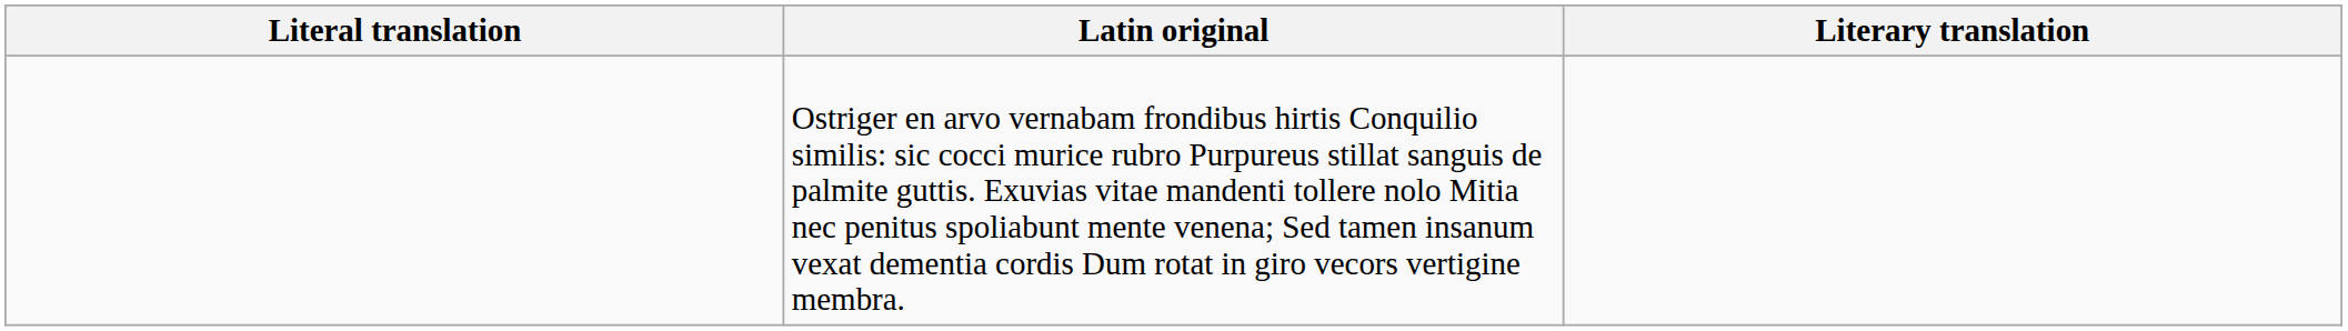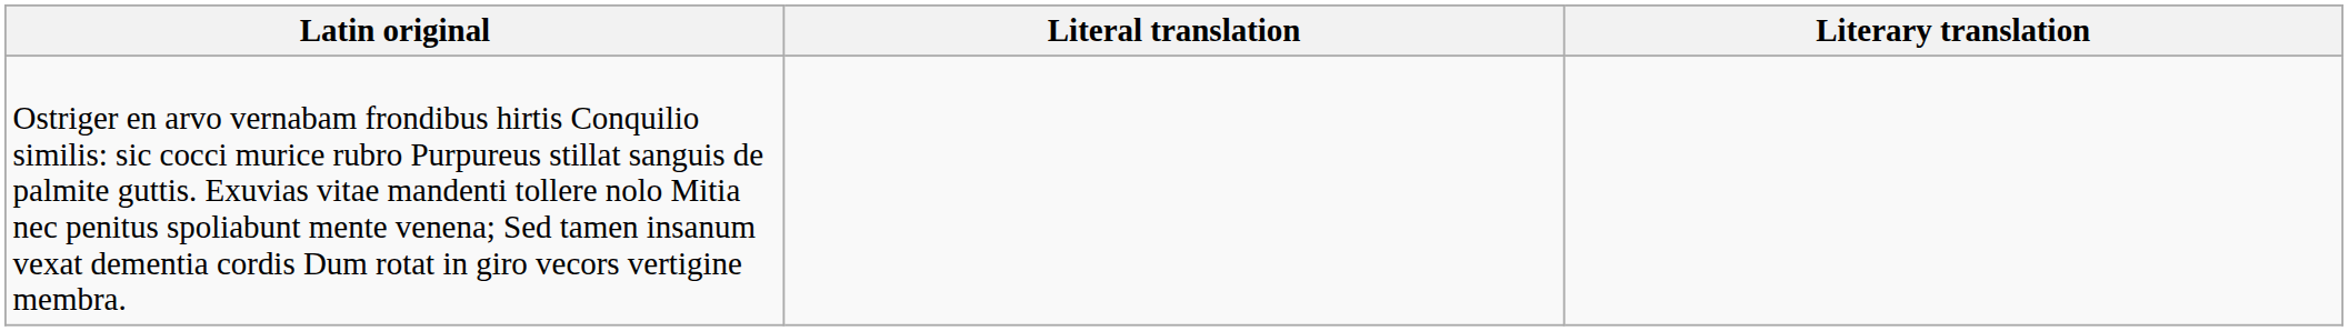 <table class="wikitable">
 <tr>
+<th>Latin original</th>
 <th>Literal translation</th>
-<th>Latin original</th>
 <th>Literary translation</th>
 </tr>
 <tr>
+<td style="width: 380px;"><br>Ostriger en arvo vernabam frondibus hirtis Conquilio similis: sic cocci murice rubro Purpureus stillat sanguis de palmite guttis. Exuvias vitae mandenti tollere nolo Mitia nec penitus spoliabunt mente venena; Sed tamen insanum vexat dementia cordis Dum rotat in giro vecors vertigine membra.</td>
 <td style="width: 380px;"><br></td>
-<td style="width: 380px;"><br>Ostriger en arvo vernabam frondibus hirtis Conquilio similis: sic cocci murice rubro Purpureus stillat sanguis de palmite guttis. Exuvias vitae mandenti tollere nolo Mitia nec penitus spoliabunt mente venena; Sed tamen insanum vexat dementia cordis Dum rotat in giro vecors vertigine membra.</td>
 <td style="width: 380px;"><br></td>
 </tr>
 </table>
